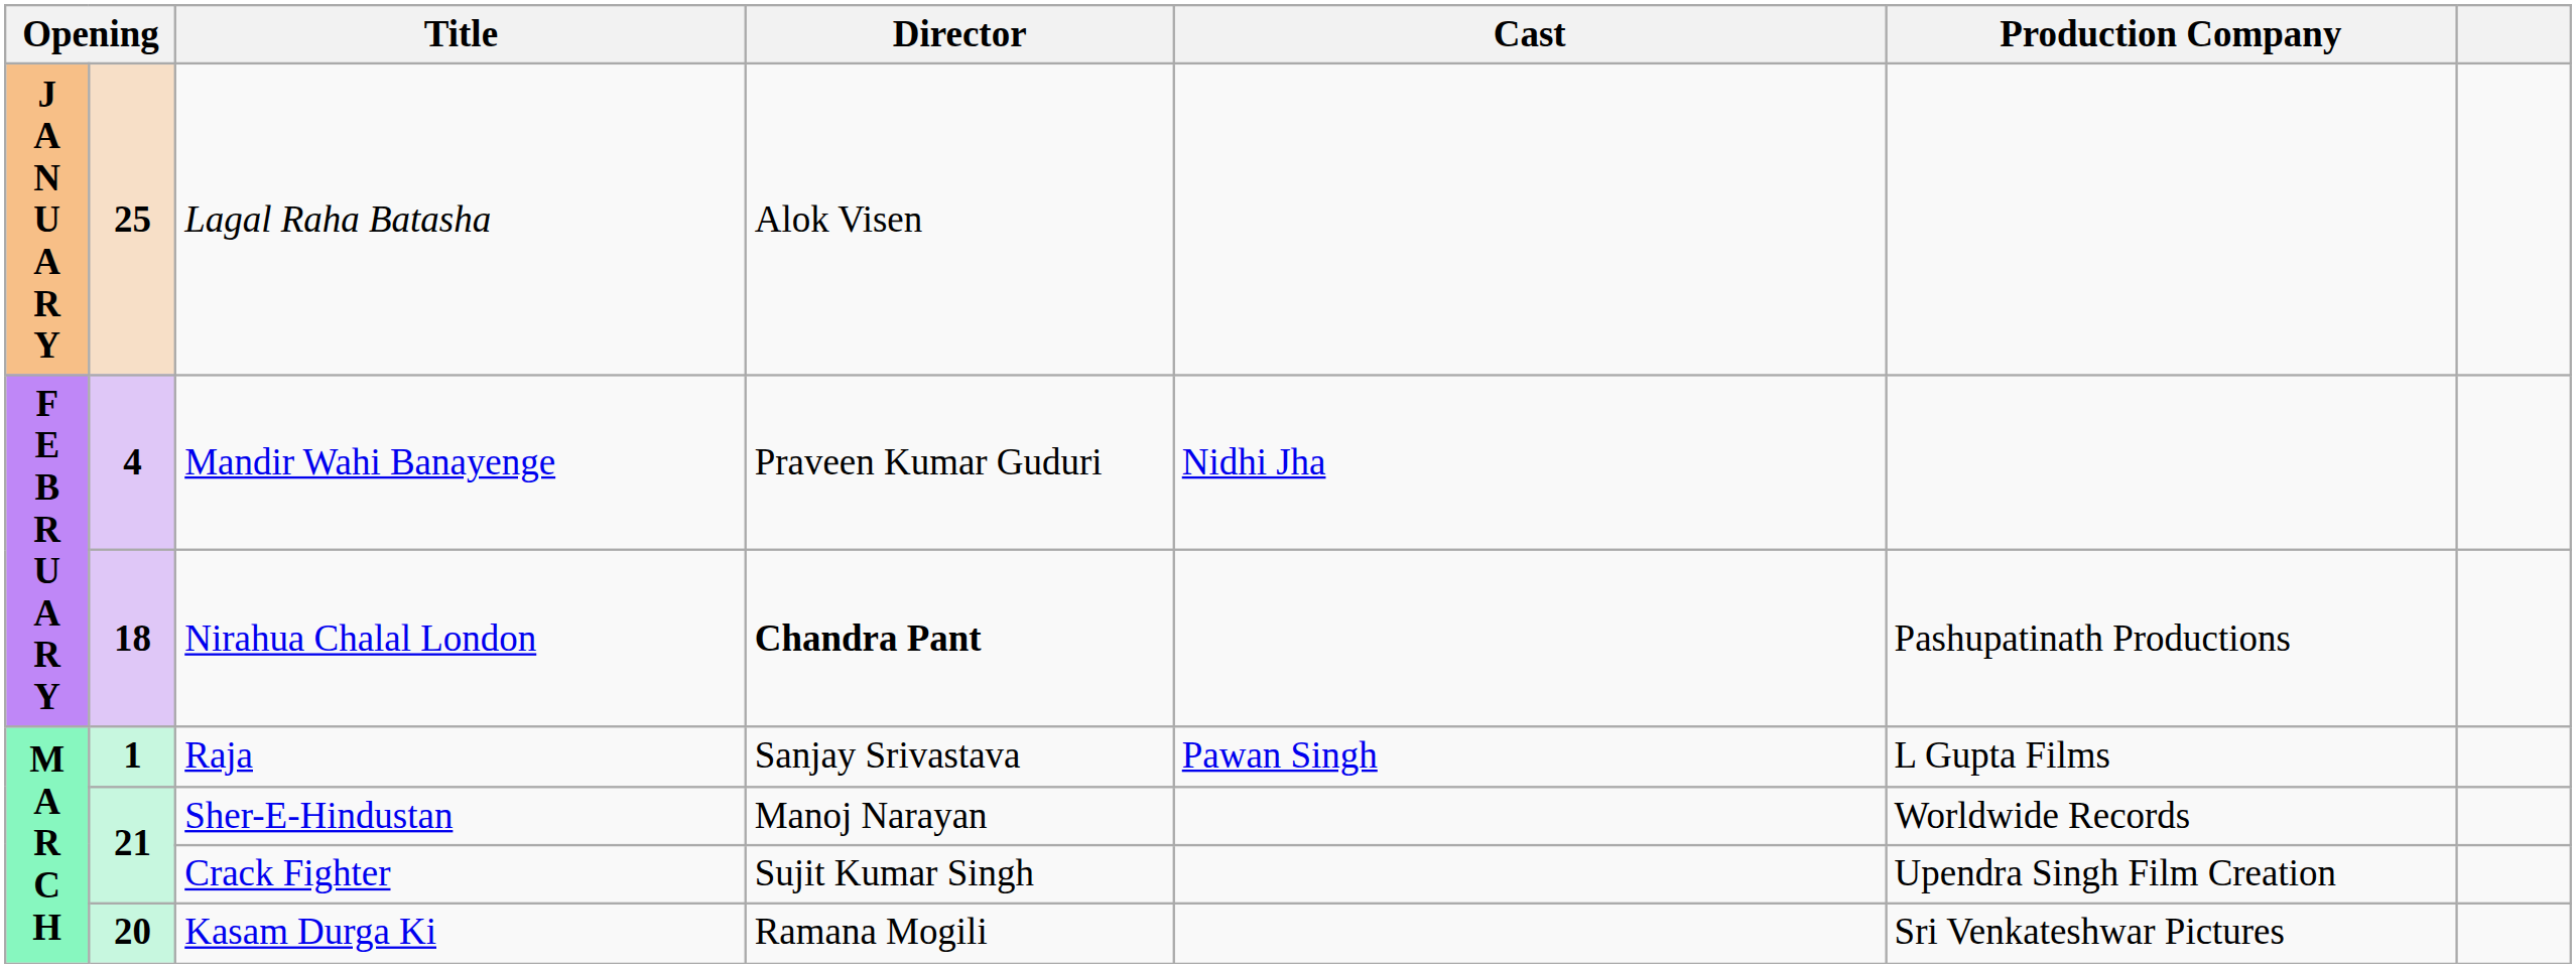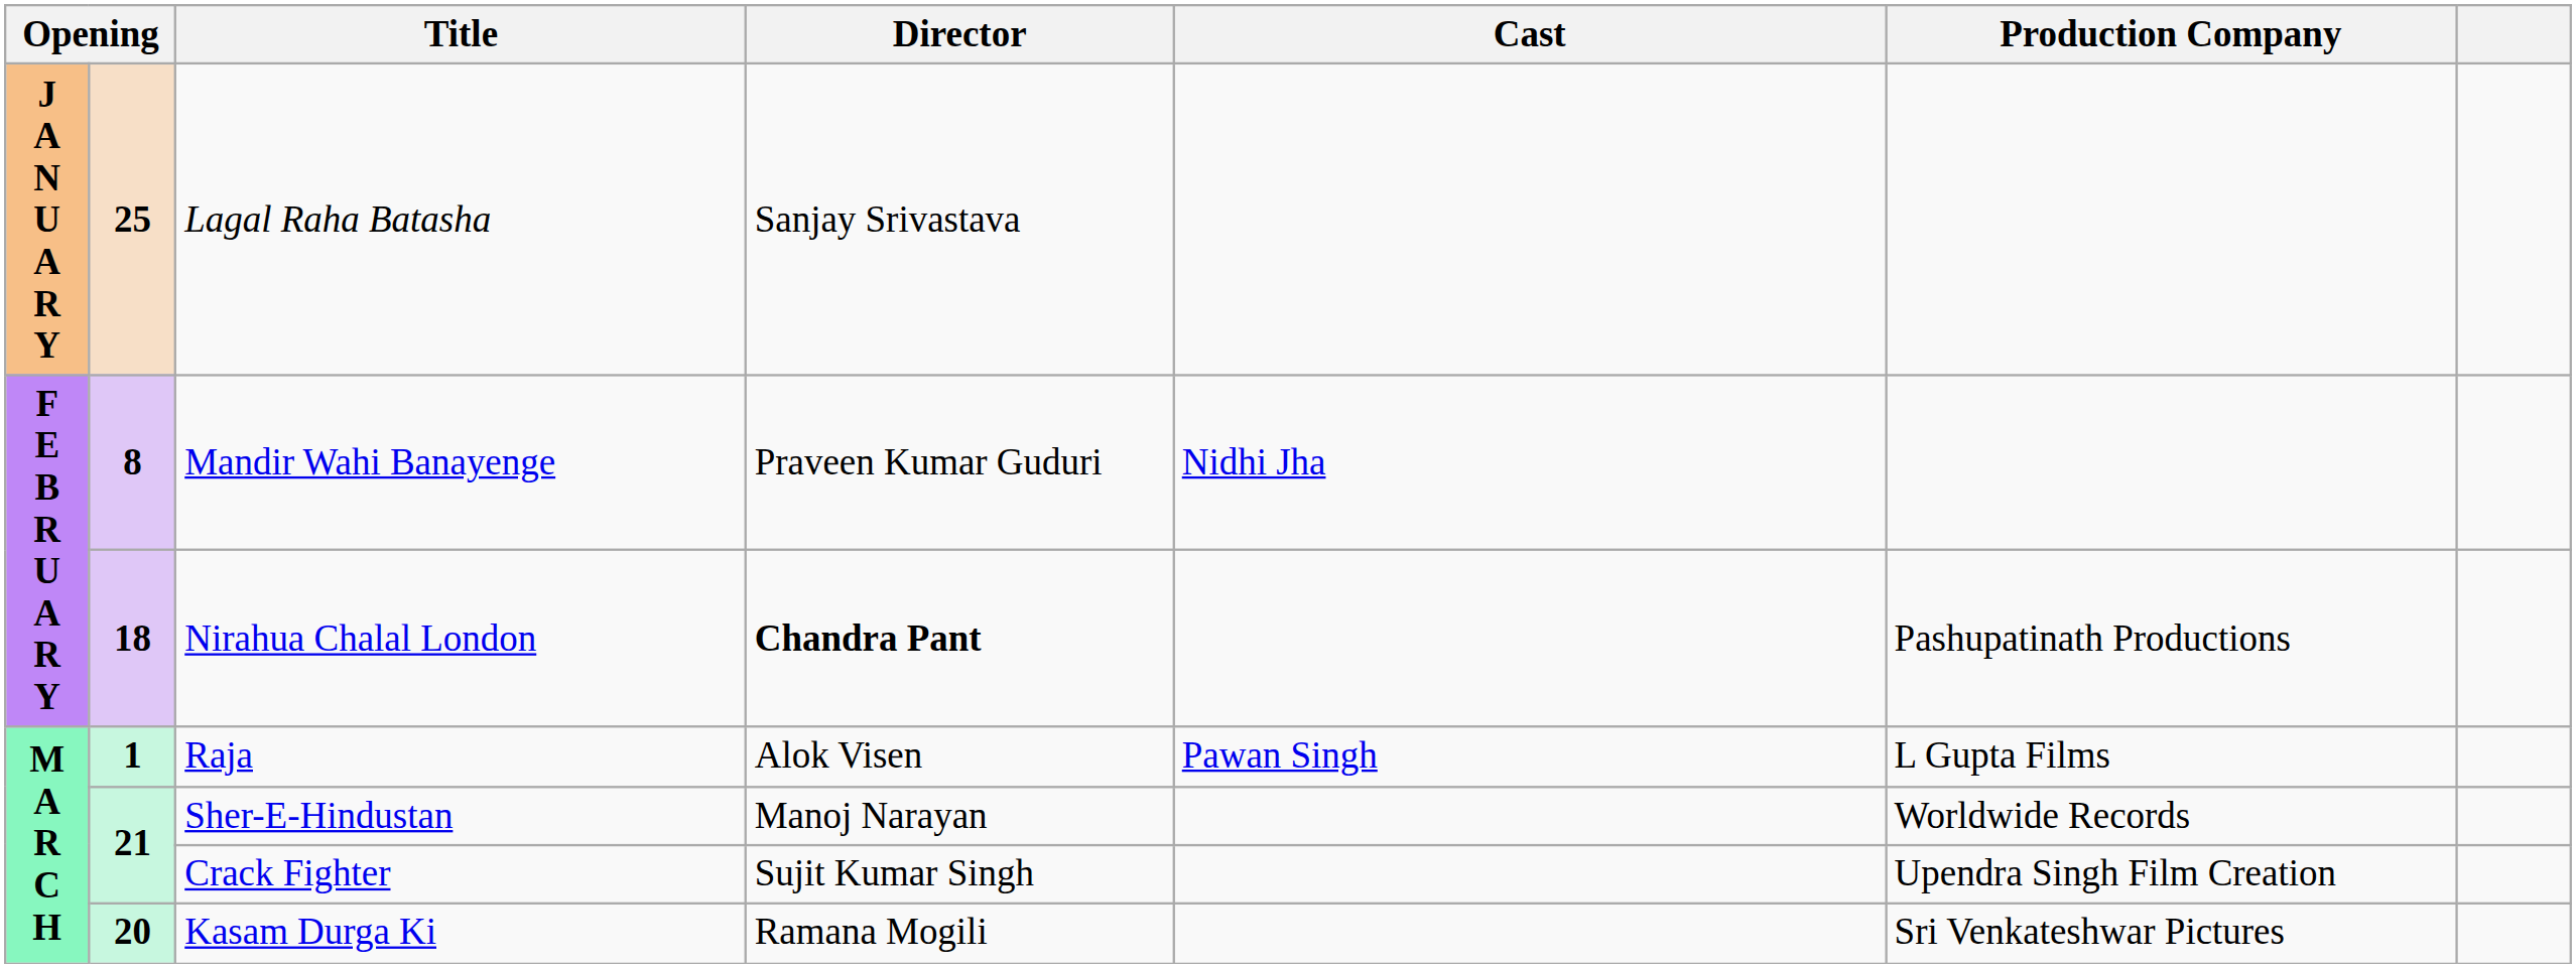 <table class="wikitable sortable">
 <tr>
 <th colspan="2" style="width:6%;"><strong>Opening</strong></th>
 <th style="width:20%;"><strong>Title</strong></th>
 <th style="width:15%;"><strong>Director</strong></th>
 <th style="width:25%;"><strong>Cast</strong></th>
 <th style="width:20%;">Production Company</th>
 <th style="width:4%;"><strong></strong></th>
 </tr>
 <tr>
 <th style="text-align:center; background:#f7bf87; text color:#000;">J<br>A<br>N<br>U<br>A<br>R<br>Y</th>
 <td rowspan="1" style="text-align:center; background:#f7dfc7"><strong>25</strong></td>
 <td><em>Lagal Raha Batasha</em></td>
-<td>Alok Visen</td>
+<td>Sanjay Srivastava</td>
 <td></td>
 <td></td>
 <td></td>
 </tr>
 <tr>
 <th rowspan="2" style="text-align:center; background:#bf87f7; text color:#000;">F<br>E<br>B<br>R<br>U<br>A<br>R<br>Y</th>
-<td style="text-align:center; background:#dfc7f7"><strong>4</strong></td>
+<td style="text-align:center; background:#dfc7f7"><strong>8</strong></td>
 <td><a href='#'>Mandir Wahi Banayenge</a></td>
 <td>Praveen Kumar Guduri</td>
 <td><a href='#'>Nidhi Jha</a></td>
 <td></td>
 <td></td>
 </tr>
 <tr>
 <td style="text-align:center; background:#dfc7f7"><strong>18</strong></td>
 <td><a href='#'>Nirahua Chalal London</a></td>
 <td><strong>Chandra Pant</strong></td>
 <td></td>
 <td>Pashupatinath Productions</td>
 <td></td>
 </tr>
 <tr>
 <th rowspan="4" style="text-align:center; background:#87f7bf; text color:#000;">M<br>A<br>R<br>C<br>H</th>
 <td rowspan="1" style="text-align:center; background:#c7f7df"><strong>1</strong></td>
 <td><a href='#'>Raja</a></td>
-<td>Sanjay Srivastava</td>
+<td>Alok Visen</td>
 <td><a href='#'>Pawan Singh</a></td>
 <td>L Gupta Films</td>
 <td></td>
 </tr>
 <tr>
 <td rowspan="2" style="text-align:center; background:#c7f7df"><strong>21</strong></td>
 <td><a href='#'>Sher-E-Hindustan</a></td>
 <td>Manoj Narayan</td>
 <td></td>
 <td>Worldwide Records</td>
 <td></td>
 </tr>
 <tr>
 <td><a href='#'>Crack Fighter</a></td>
 <td>Sujit Kumar Singh</td>
 <td></td>
 <td>Upendra Singh Film Creation</td>
 <td></td>
 </tr>
 <tr>
 <td rowspan="1" style="text-align:center; background:#c7f7df"><strong>20</strong></td>
 <td><a href='#'>Kasam Durga Ki</a></td>
 <td>Ramana Mogili</td>
 <td></td>
 <td>Sri Venkateshwar Pictures</td>
 <td></td>
 </tr>
 </table>
